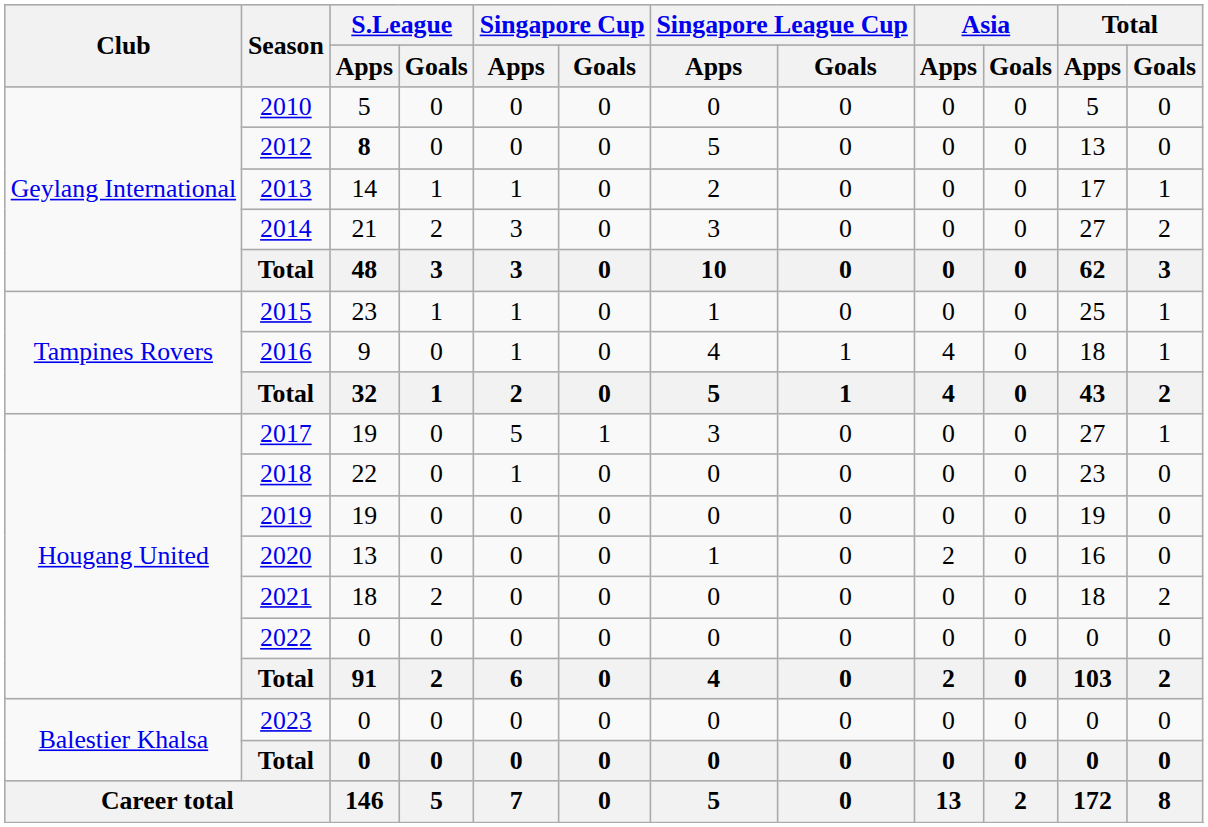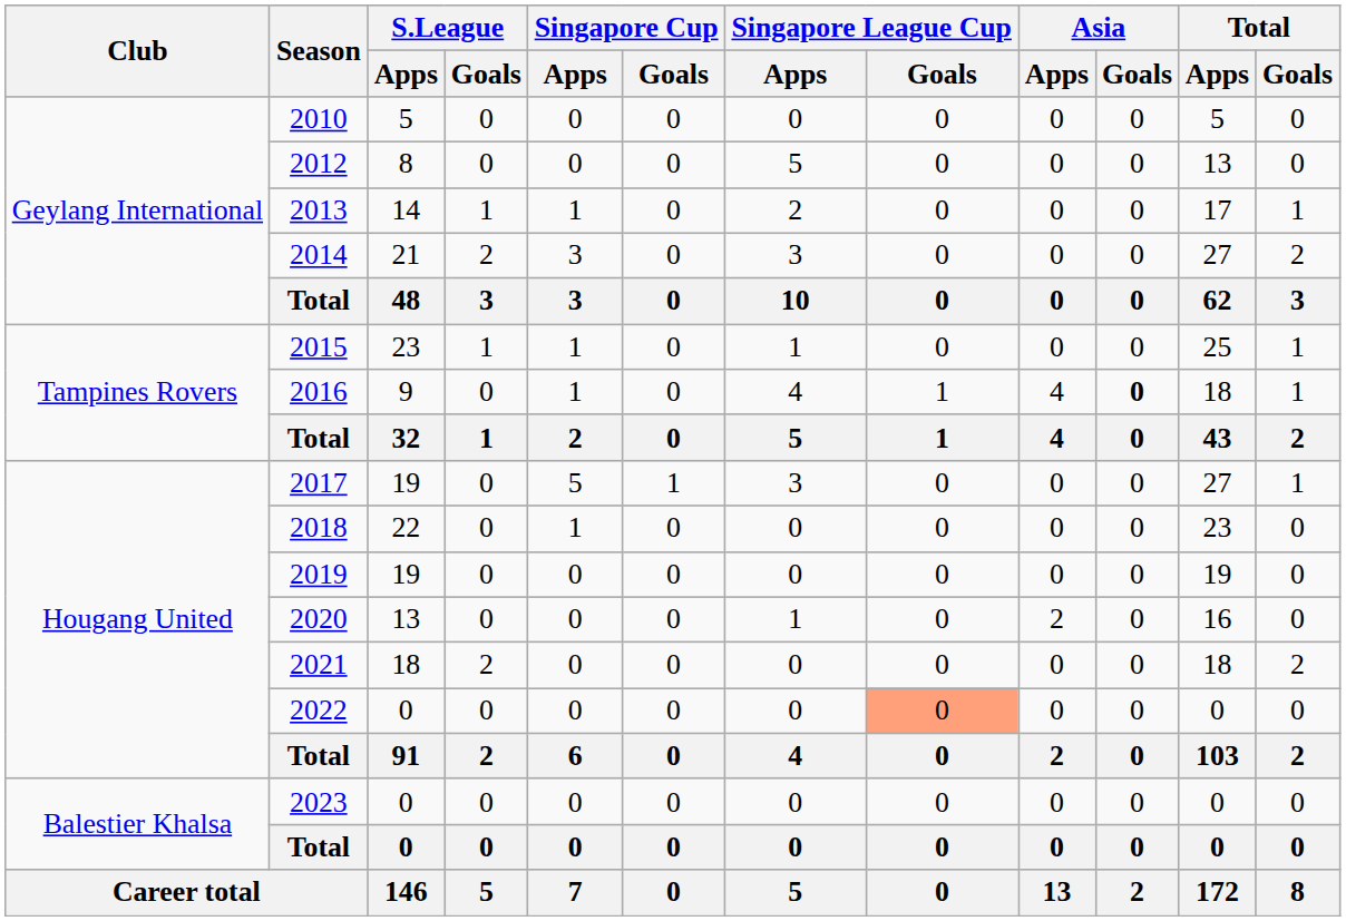 <table style="text-align:center" class="wikitable">
 <tr>
 <th rowspan="2">Club</th>
 <th rowspan="2">Season</th>
 <th colspan="2"><a href='#'>S.League</a></th>
 <th colspan="2"><a href='#'>Singapore Cup</a></th>
 <th colspan="2"><a href='#'>Singapore League Cup</a></th>
 <th colspan="2"><a href='#'>Asia</a></th>
 <th colspan="2">Total</th>
 </tr>
 <tr>
 <th>Apps</th>
 <th>Goals</th>
 <th>Apps</th>
 <th>Goals</th>
 <th>Apps</th>
 <th>Goals</th>
 <th>Apps</th>
 <th>Goals</th>
 <th>Apps</th>
 <th>Goals</th>
 </tr>
 <tr>
 <td rowspan="5"><a href='#'>Geylang International</a></td>
 <td><a href='#'>2010</a></td>
 <td>5</td>
 <td>0</td>
 <td>0</td>
 <td>0</td>
 <td>0</td>
 <td>0</td>
 <td>0</td>
 <td>0</td>
 <td>5</td>
 <td>0</td>
 </tr>
 <tr>
 <td><a href='#'>2012</a></td>
-<td><strong>8</strong></td>
+<td>8</td>
 <td>0</td>
 <td>0</td>
 <td>0</td>
 <td>5</td>
 <td>0</td>
 <td>0</td>
 <td>0</td>
 <td>13</td>
 <td>0</td>
 </tr>
 <tr>
 <td><a href='#'>2013</a></td>
 <td>14</td>
 <td>1</td>
 <td>1</td>
 <td>0</td>
 <td>2</td>
 <td>0</td>
 <td>0</td>
 <td>0</td>
 <td>17</td>
 <td>1</td>
 </tr>
 <tr>
 <td><a href='#'>2014</a></td>
 <td>21</td>
 <td>2</td>
 <td>3</td>
 <td>0</td>
 <td>3</td>
 <td>0</td>
 <td>0</td>
 <td>0</td>
 <td>27</td>
 <td>2</td>
 </tr>
 <tr>
 <th>Total</th>
 <th>48</th>
 <th>3</th>
 <th>3</th>
 <th>0</th>
 <th>10</th>
 <th>0</th>
 <th>0</th>
 <th>0</th>
 <th>62</th>
 <th>3</th>
 </tr>
 <tr>
 <td rowspan="3"><a href='#'>Tampines Rovers</a></td>
 <td><a href='#'>2015</a></td>
 <td>23</td>
 <td>1</td>
 <td>1</td>
 <td>0</td>
 <td>1</td>
 <td>0</td>
 <td>0</td>
 <td>0</td>
 <td>25</td>
 <td>1</td>
 </tr>
 <tr>
 <td><a href='#'>2016</a></td>
 <td>9</td>
 <td>0</td>
 <td>1</td>
 <td>0</td>
 <td>4</td>
 <td>1</td>
 <td>4</td>
-<td>0</td>
+<td><strong>0</strong></td>
 <td>18</td>
 <td>1</td>
 </tr>
 <tr>
 <th>Total</th>
 <th>32</th>
 <th>1</th>
 <th>2</th>
 <th>0</th>
 <th>5</th>
 <th>1</th>
 <th>4</th>
 <th>0</th>
 <th>43</th>
 <th>2</th>
 </tr>
 <tr>
 <td rowspan="7"><a href='#'>Hougang United</a></td>
 <td><a href='#'>2017</a></td>
 <td>19</td>
 <td>0</td>
 <td>5</td>
 <td>1</td>
 <td>3</td>
 <td>0</td>
 <td>0</td>
 <td>0</td>
 <td>27</td>
 <td>1</td>
 </tr>
 <tr>
 <td><a href='#'>2018</a></td>
 <td>22</td>
 <td>0</td>
 <td>1</td>
 <td>0</td>
 <td>0</td>
 <td>0</td>
 <td>0</td>
 <td>0</td>
 <td>23</td>
 <td>0</td>
 </tr>
 <tr>
 <td><a href='#'>2019</a></td>
 <td>19</td>
 <td>0</td>
 <td>0</td>
 <td>0</td>
 <td>0</td>
 <td>0</td>
 <td>0</td>
 <td>0</td>
 <td>19</td>
 <td>0</td>
 </tr>
 <tr>
 <td><a href='#'>2020</a></td>
 <td>13</td>
 <td>0</td>
 <td>0</td>
 <td>0</td>
 <td>1</td>
 <td>0</td>
 <td>2</td>
 <td>0</td>
 <td>16</td>
 <td>0</td>
 </tr>
 <tr>
 <td><a href='#'>2021</a></td>
 <td>18</td>
 <td>2</td>
 <td>0</td>
 <td>0</td>
 <td>0</td>
 <td>0</td>
 <td>0</td>
 <td>0</td>
 <td>18</td>
 <td>2</td>
 </tr>
 <tr>
 <td><a href='#'>2022</a></td>
 <td>0</td>
 <td>0</td>
 <td>0</td>
 <td>0</td>
 <td>0</td>
-<td>0</td>
+<td style="background: lightsalmon;">0</td>
 <td>0</td>
 <td>0</td>
 <td>0</td>
 <td>0</td>
 </tr>
 <tr>
 <th>Total</th>
 <th>91</th>
 <th>2</th>
 <th>6</th>
 <th>0</th>
 <th>4</th>
 <th>0</th>
 <th>2</th>
 <th>0</th>
 <th>103</th>
 <th>2</th>
 </tr>
 <tr>
 <td rowspan="2"><a href='#'>Balestier Khalsa</a></td>
 <td><a href='#'>2023</a></td>
 <td>0</td>
 <td>0</td>
 <td>0</td>
 <td>0</td>
 <td>0</td>
 <td>0</td>
 <td>0</td>
 <td>0</td>
 <td>0</td>
 <td>0</td>
 </tr>
 <tr>
 <th>Total</th>
 <th>0</th>
 <th>0</th>
 <th>0</th>
 <th>0</th>
 <th>0</th>
 <th>0</th>
 <th>0</th>
 <th>0</th>
 <th>0</th>
 <th>0</th>
 </tr>
 <tr>
 <th colspan="2">Career total</th>
 <th>146</th>
 <th>5</th>
 <th>7</th>
 <th>0</th>
 <th>5</th>
 <th>0</th>
 <th>13</th>
 <th>2</th>
 <th>172</th>
 <th>8</th>
 </tr>
 <tr>
 </tr>
 </table>
